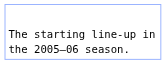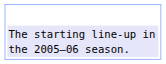 <table style="float: right; width: 160px; border: #99B3FF solid 1px">
 <tr>
 <td><div><br>            </div></td>
 </tr>
 <tr>
-<td><small>The starting line-up in the 2005–06 season. </small></td>
+<td style="background: lavender;"><small>The starting line-up in the 2005–06 season. </small></td>
 </tr>
 </table>
